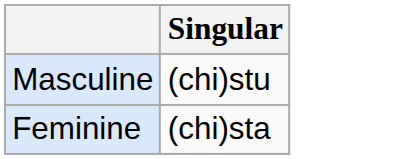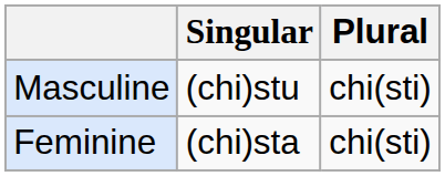 <table class="wikitable">
 <tr style="font-style:normal; font-weight:normal; background-color:#dae8fc;">
 <th></th>
 <th style="font-family:serif !important;">Singular</th>
+<th>Plural</th>
 </tr>
 <tr>
 <td style="background-color:#dae8fc; font-style:normal; font-weight:normal;">Masculine</td>
 <td>(chi)stu</td>
+<td>chi(sti)</td>
 </tr>
 <tr>
 <td style="background-color:#dae8fc; font-style:normal; font-weight:normal;">Feminine</td>
 <td>(chi)sta</td>
+<td>chi(sti)</td>
 </tr>
 </table>
